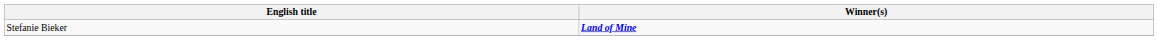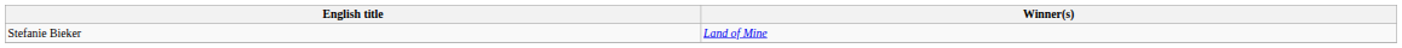 <table class="wikitable" width="95%" cellpadding="5">
 <tr>
 <th width="18%">English title</th>
 <th width="18%">Winner(s)</th>
 </tr>
 <tr>
 <td> Stefanie Bieker</td>
-<td><strong><em><a href='#'>Land of Mine</a></em></strong></td>
+<td><em><a href='#'>Land of Mine</a></em></td>
 </tr>
 <tr>
 </tr>
 </table>
